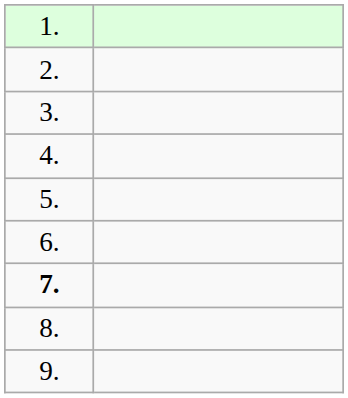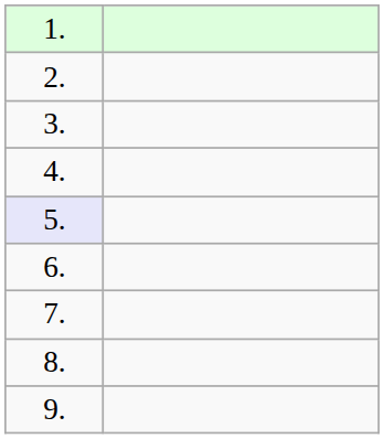 <table class="wikitable" style="text-align:center; width:200px;">
 <tr style="background:#dfd;">
 <td style="width:45px;">1.</td>
 <td style="padding-left:4px; text-align:left;"></td>
 </tr>
 <tr>
 <td>2.</td>
 <td style="padding-left:4px; text-align:left;"></td>
 </tr>
 <tr>
 <td>3.</td>
 <td style="padding-left:4px; text-align:left;"></td>
 </tr>
 <tr>
 <td>4.</td>
 <td style="padding-left:4px; text-align:left;"></td>
 </tr>
 <tr>
-<td>5.</td>
+<td style="background: lavender;">5.</td>
 <td style="padding-left:4px; text-align:left;"></td>
 </tr>
 <tr>
 <td>6.</td>
 <td style="padding-left:4px; text-align:left;"></td>
 </tr>
 <tr>
-<td><strong>7.</strong></td>
+<td>7.</td>
 <td style="padding-left:4px; text-align:left;"></td>
 </tr>
 <tr>
 <td>8.</td>
 <td style="padding-left:4px; text-align:left;"></td>
 </tr>
 <tr>
 <td>9.</td>
 <td style="padding-left:4px; text-align:left;"></td>
 </tr>
 </table>
